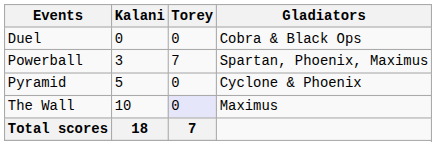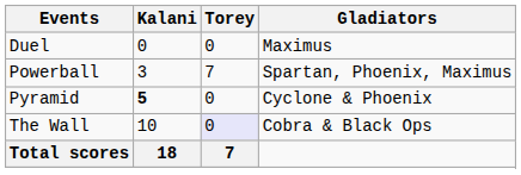 <table class="wikitable">
 <tr>
 <th>Events</th>
 <th>Kalani</th>
 <th>Torey</th>
 <th>Gladiators</th>
 </tr>
 <tr>
 <td>Duel</td>
 <td>0</td>
 <td>0</td>
-<td>Cobra & Black Ops</td>
+<td>Maximus</td>
 </tr>
 <tr>
 <td>Powerball</td>
 <td>3</td>
 <td>7</td>
 <td>Spartan, Phoenix, Maximus</td>
 </tr>
 <tr>
 <td>Pyramid</td>
-<td>5</td>
+<td><strong>5</strong></td>
 <td>0</td>
 <td>Cyclone & Phoenix</td>
 </tr>
 <tr>
 <td>The Wall</td>
 <td>10</td>
 <td style="background: lavender;">0</td>
-<td>Maximus</td>
+<td>Cobra & Black Ops</td>
 </tr>
 <tr>
 <th>Total scores</th>
 <th>18</th>
 <th>7</th>
 </tr>
 <tr>
 </tr>
 </table>
